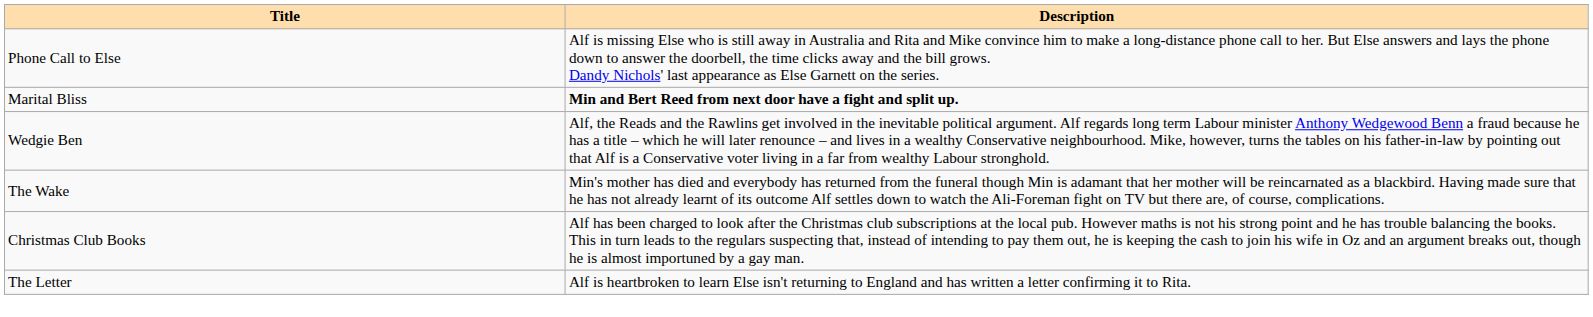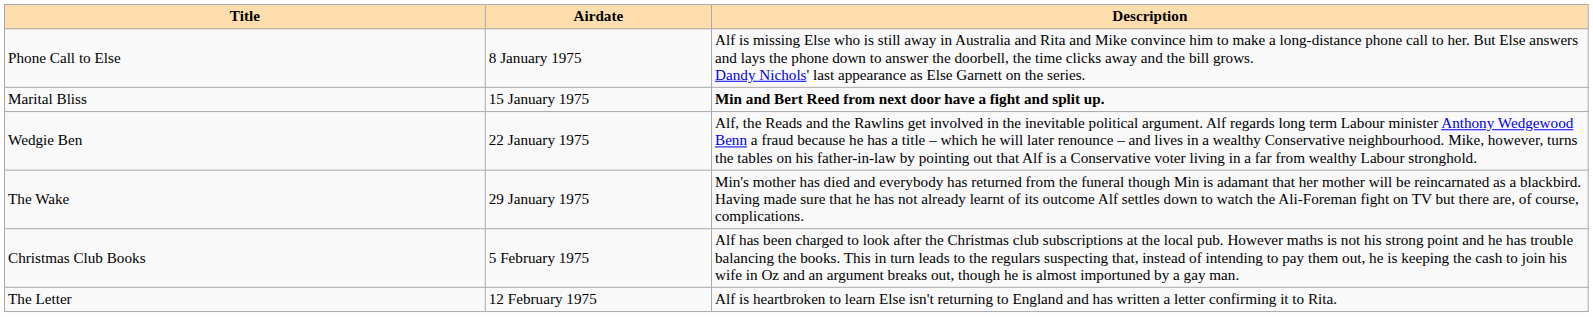 <table class="wikitable" border=1 style="font-size: 94%">
 <tr>
 <th style="background:#ffdead" width=17%>Title</th>
+<th style="background:#ffdead" width=8%>Airdate</th>
 <th style="background:#ffdead" width=31%>Description</th>
 </tr>
 <tr>
 <td>Phone Call to Else</td>
+<td>8 January 1975</td>
 <td>Alf is missing Else who is still away in Australia and Rita and Mike convince him to make a long-distance phone call to her. But Else answers and lays the phone down to answer the doorbell, the time clicks away and the bill grows.<br><a href='#'>Dandy Nichols</a>' last appearance as Else Garnett on the series.</td>
 </tr>
 <tr>
 <td>Marital Bliss</td>
+<td>15 January 1975</td>
 <td><strong>Min and Bert Reed from next door have a fight and split up.</strong></td>
 </tr>
 <tr>
 <td>Wedgie Ben</td>
+<td>22 January 1975</td>
 <td>Alf, the Reads and the Rawlins get involved in the inevitable political argument. Alf regards long term Labour minister <a href='#'>Anthony Wedgewood Benn</a> a fraud because he has a title – which he will later renounce – and lives in a wealthy Conservative neighbourhood. Mike, however, turns the tables on his father-in-law by pointing out that Alf is a Conservative voter living in a far from wealthy Labour stronghold.</td>
 </tr>
 <tr>
 <td>The Wake</td>
+<td>29 January 1975</td>
 <td>Min's mother has died and everybody has returned from the funeral though Min is adamant that her mother will be reincarnated as a blackbird. Having made sure that he has not already learnt of its outcome Alf settles down to watch the Ali-Foreman fight on TV but there are, of course, complications.</td>
 </tr>
 <tr>
 <td>Christmas Club Books</td>
+<td>5 February 1975</td>
 <td>Alf has been charged to look after the Christmas club subscriptions at the local pub. However maths is not his strong point and he has trouble balancing the books. This in turn leads to the regulars suspecting that, instead of intending to pay them out, he is keeping the cash to join his wife in Oz and an argument breaks out, though he is almost importuned by a gay man.</td>
 </tr>
 <tr>
 <td>The Letter</td>
+<td>12 February 1975</td>
 <td>Alf is heartbroken to learn Else isn't returning to England and has written a letter confirming it to Rita.</td>
 </tr>
 </table>
